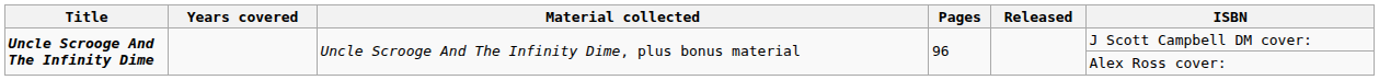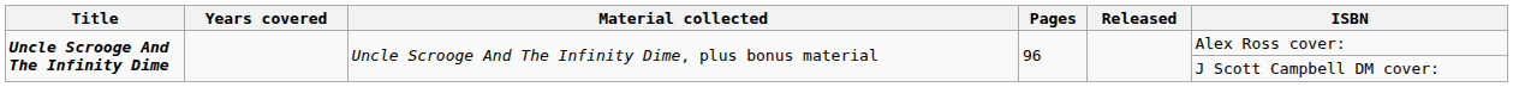 <table class="wikitable sortable" width=99%>
 <tr>
 <th style="width: 11em;'">Title</th>
 <th>Years covered</th>
 <th>Material collected</th>
 <th>Pages</th>
 <th>Released</th>
 <th class="unsortable">ISBN</th>
 </tr>
 <tr>
 <td rowspan=2><strong><em>Uncle Scrooge And The Infinity Dime</em></strong></td>
 <td rowspan=2></td>
 <td rowspan=2><em>Uncle Scrooge And The Infinity Dime</em>, plus bonus material</td>
 <td rowspan=2>96</td>
 <td rowspan=2></td>
+<td>Alex Ross cover: </td>
+</tr>
+<tr>
 <td>J Scott Campbell DM cover: </td>
 </tr>
-<tr>
-<td>Alex Ross cover: </td>
-</tr>
 </table>
